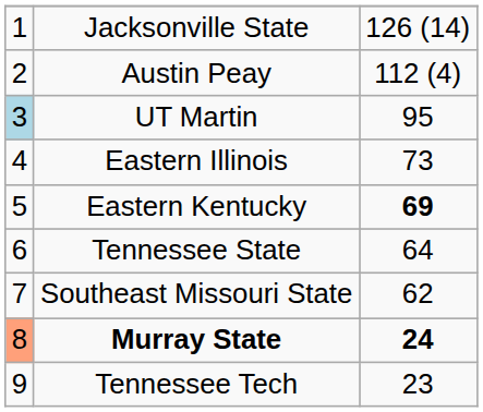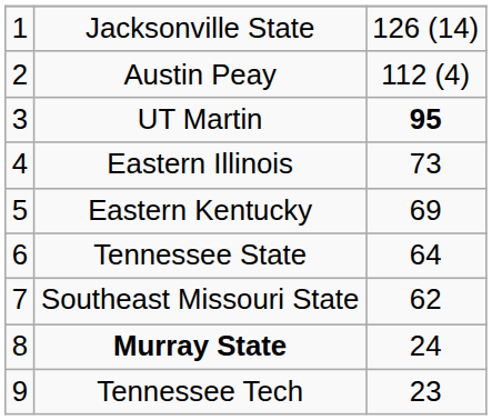 <table class="wikitable" style="display: inline-table;">
 <tr align="center">
 </tr>
 <tr align="center">
 <td>1</td>
 <td>Jacksonville State</td>
 <td>126 (14)</td>
 </tr>
 <tr align="center">
 <td>2</td>
 <td>Austin Peay</td>
 <td>112 (4)</td>
 </tr>
 <tr align="center">
-<td style="background: lightblue;">3</td>
+<td>3</td>
 <td>UT Martin</td>
-<td>95</td>
+<td><strong>95</strong></td>
 </tr>
 <tr align="center">
 <td>4</td>
 <td>Eastern Illinois</td>
 <td>73</td>
 </tr>
 <tr align="center">
 <td>5</td>
 <td>Eastern Kentucky</td>
-<td><strong>69</strong></td>
+<td>69</td>
 </tr>
 <tr align="center">
 <td>6</td>
 <td>Tennessee State</td>
 <td>64</td>
 </tr>
 <tr align="center">
 <td>7</td>
 <td>Southeast Missouri State</td>
 <td>62</td>
 </tr>
 <tr align="center">
-<td style="background: lightsalmon;">8</td>
+<td>8</td>
 <td><strong>Murray State</strong></td>
-<td><strong>24</strong></td>
+<td>24</td>
 </tr>
 <tr align="center">
 <td>9</td>
 <td>Tennessee Tech</td>
 <td>23</td>
 </tr>
 </table>
